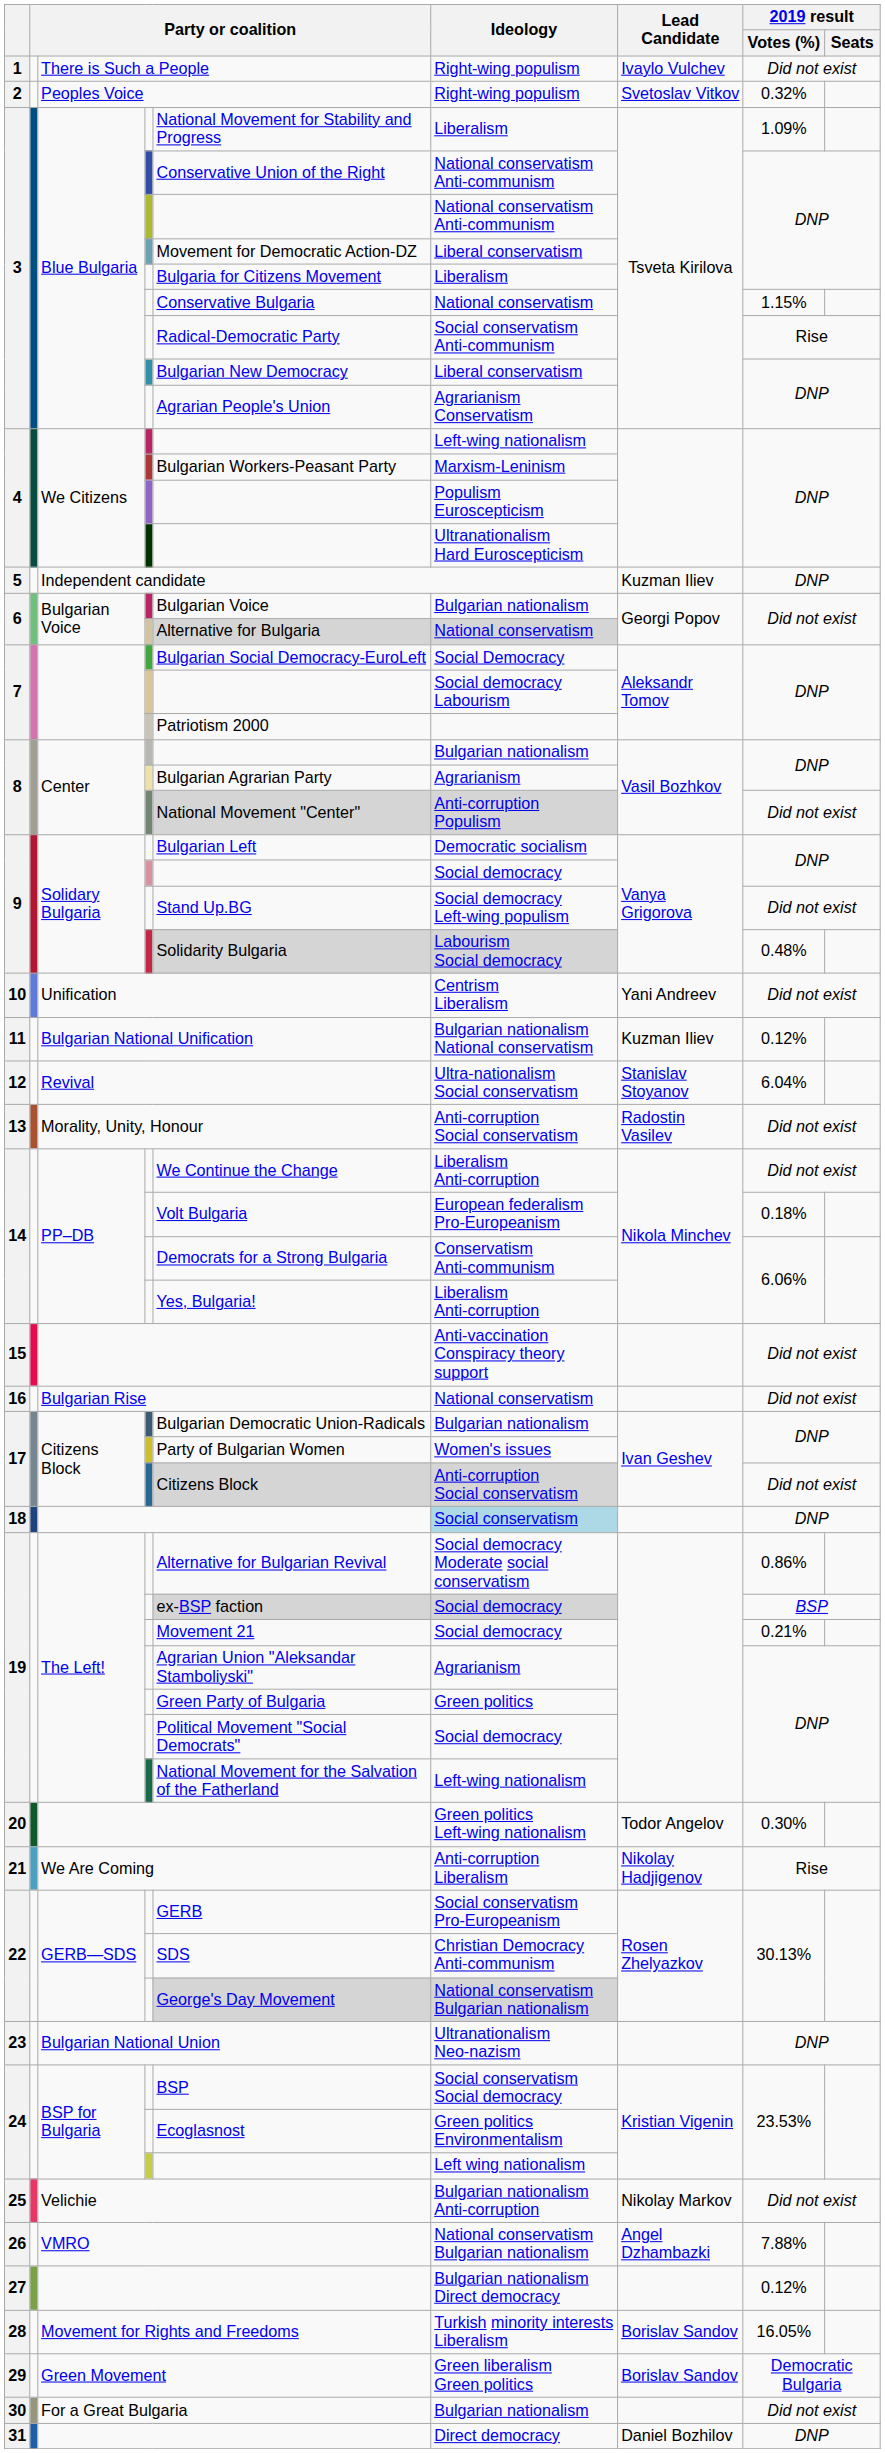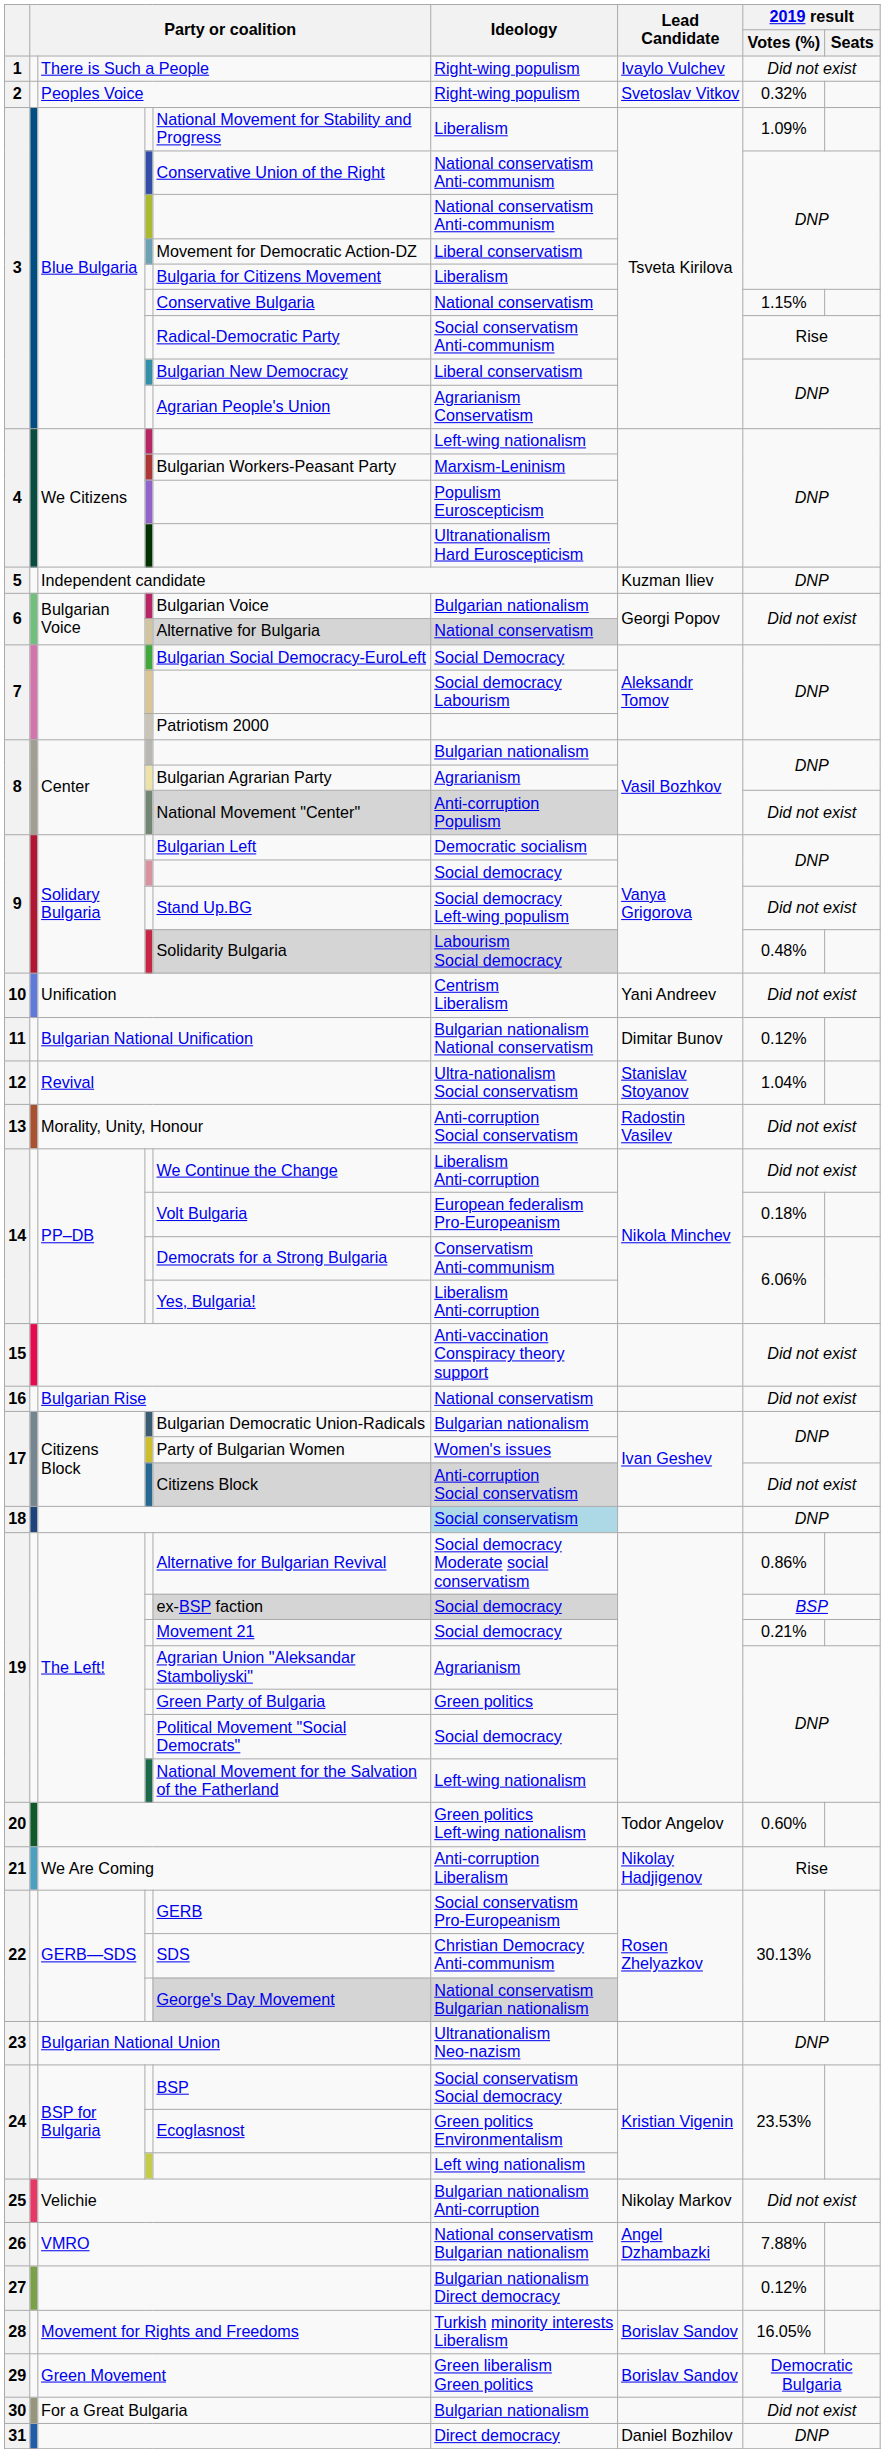 <table class="wikitable mw-collapsible mw-collapsed" style="text-align:left">
 <tr>
 <th rowspan="2"></th>
 <th colspan="4" rowspan="2">Party or coalition</th>
 <th rowspan="2">Ideology</th>
 <th rowspan="2">Lead Candidate</th>
 <th colspan="2"><a href='#'>2019</a> result</th>
 </tr>
 <tr>
 <th>Votes (%)</th>
 <th>Seats</th>
 </tr>
 <tr>
 <th>1</th>
 <td style="background:"></td>
 <td colspan="3"><a href='#'>There is Such a People</a></td>
 <td><a href='#'>Right-wing populism</a></td>
 <td><a href='#'>Ivaylo Vulchev</a></td>
 <td style="text-align:center" colspan=2><em>Did not exist</em></td>
 </tr>
 <tr>
 <th>2</th>
 <td style="background:"></td>
 <td colspan="3"><a href='#'>Peoples Voice</a></td>
 <td><a href='#'>Right-wing populism</a></td>
 <td><a href='#'>Svetoslav Vitkov</a></td>
 <td style="text-align:center">0.32%</td>
 <td></td>
 </tr>
 <tr>
 <th rowspan="9">3</th>
 <td rowspan="9" style="background:#004E82"></td>
 <td rowspan="9"><a href='#'>Blue Bulgaria</a></td>
 <td style="background:"></td>
 <td><a href='#'>National Movement for Stability and Progress</a></td>
 <td><a href='#'>Liberalism</a></td>
 <td rowspan=9 style="text-align:center">Tsveta Kirilova</td>
 <td style="text-align:center">1.09%</td>
 <td></td>
 </tr>
 <tr>
 <td style="background:#324ea8"></td>
 <td><a href='#'>Conservative Union of the Right</a></td>
 <td><a href='#'>National conservatism</a><br><a href='#'>Anti-communism</a></td>
 <td colspan="2" rowspan=4 style="text-align:center"><em>DNP</em></td>
 </tr>
 <tr>
 <td style="background:#acba2f"></td>
 <td></td>
 <td><a href='#'>National conservatism</a><br><a href='#'>Anti-communism</a></td>
 </tr>
 <tr>
 <td style="background:#6ba2b3"></td>
 <td>Movement for Democratic Action-DZ</td>
 <td><a href='#'>Liberal conservatism</a></td>
 </tr>
 <tr>
 <td style="background:"></td>
 <td><a href='#'>Bulgaria for Citizens Movement</a></td>
 <td><a href='#'>Liberalism</a></td>
 </tr>
 <tr>
 <td style="background:"></td>
 <td><a href='#'>Conservative Bulgaria</a></td>
 <td><a href='#'>National conservatism</a></td>
 <td style="text-align:center">1.15%</td>
 <td></td>
 </tr>
 <tr>
 <td style="background:"></td>
 <td><a href='#'>Radical-Democratic Party</a></td>
 <td><a href='#'>Social conservatism</a><br><a href='#'>Anti-communism</a></td>
 <td style="text-align:center" colspan=2>Rise</td>
 </tr>
 <tr>
 <td style="background:#3291a8"></td>
 <td><a href='#'>Bulgarian New Democracy</a></td>
 <td><a href='#'>Liberal conservatism</a></td>
 <td colspan="2" rowspan=2 style="text-align:center"><em>DNP</em></td>
 </tr>
 <tr>
 <td style="background:"></td>
 <td><a href='#'>Agrarian People's Union</a></td>
 <td><a href='#'>Agrarianism</a><br><a href='#'>Conservatism</a></td>
 </tr>
 <tr>
 <th rowspan="4">4</th>
 <td rowspan="4" style="background:#094D40"></td>
 <td rowspan="4">We Citizens</td>
 <td style="background:#ba2566"></td>
 <td></td>
 <td><a href='#'>Left-wing nationalism</a></td>
 <td rowspan=4></td>
 <td colspan="2" style="text-align:center" rowspan=4><em>DNP</em></td>
 </tr>
 <tr>
 <td style="background:#ad3636"></td>
 <td>Bulgarian Workers-Peasant Party</td>
 <td><a href='#'>Marxism-Leninism</a></td>
 </tr>
 <tr>
 <td style="background:#9164C9"></td>
 <td></td>
 <td><a href='#'>Populism</a><br> <a href='#'>Euroscepticism</a></td>
 </tr>
 <tr>
 <td style="background:#003300"></td>
 <td></td>
 <td><a href='#'>Ultranationalism</a><br><a href='#'>Hard Euroscepticism</a></td>
 </tr>
 <tr>
 <th>5</th>
 <td></td>
 <td colspan="4">Independent candidate</td>
 <td>Kuzman Iliev</td>
 <td style="text-align:center" colspan=2><em>DNP</em></td>
 </tr>
 <tr>
 <th rowspan="2">6</th>
 <td rowspan="2" style="background:#71bf7d"></td>
 <td rowspan="2">Bulgarian Voice</td>
 <td style="background:#ba2566"></td>
 <td>Bulgarian Voice</td>
 <td><a href='#'>Bulgarian nationalism</a></td>
 <td rowspan="2">Georgi Popov</td>
 <td colspan="2" rowspan="2" style="text-align:center"><em>Did not exist</em></td>
 </tr>
 <tr>
 <td style="background:#d1c49f"></td>
 <td style="background:#D5D5D5">Alternative for Bulgaria</td>
 <td style="background:#D5D5D5"><a href='#'>National conservatism</a></td>
 </tr>
 <tr>
 <th rowspan="3">7</th>
 <td rowspan="3" style="background:#d175ac"></td>
 <td rowspan="3"></td>
 <td style="background:#41A83D"></td>
 <td><a href='#'>Bulgarian Social Democracy-EuroLeft</a></td>
 <td><a href='#'>Social Democracy</a></td>
 <td rowspan=3><a href='#'>Aleksandr Tomov</a></td>
 <td colspan="2" rowspan=3 style="text-align:center"><em>DNP</em></td>
 </tr>
 <tr>
 <td style="background:#d9c596"></td>
 <td></td>
 <td><a href='#'>Social democracy</a><br><a href='#'>Labourism</a></td>
 </tr>
 <tr>
 <td style="background:#c9c4b7"></td>
 <td>Patriotism 2000</td>
 <td></td>
 </tr>
 <tr>
 <th rowspan="3">8</th>
 <td rowspan="3" style="background:#a19f94"></td>
 <td rowspan="3">Center</td>
 <td style="background:#b8b7b2"></td>
 <td></td>
 <td><a href='#'>Bulgarian nationalism</a></td>
 <td rowspan=3><a href='#'>Vasil Bozhkov</a></td>
 <td colspan="2" rowspan="2" style="text-align:center"><em>DNP</em></td>
 </tr>
 <tr>
 <td style="background:#ede3a8"></td>
 <td>Bulgarian Agrarian Party</td>
 <td><a href='#'>Agrarianism</a></td>
 </tr>
 <tr>
 <td style="background:#738573"></td>
 <td style="background:#D5D5D5">National Movement "Center"</td>
 <td style="background:#D5D5D5"><a href='#'>Anti-corruption</a><br><a href='#'>Populism</a></td>
 <td colspan="2" style="text-align:center"><em>Did not exist</em></td>
 </tr>
 <tr>
 <th rowspan="4">9</th>
 <td rowspan="4" style="background:#b01733"></td>
 <td rowspan="4"><a href='#'>Solidary Bulgaria</a></td>
 <td style="background:"></td>
 <td><a href='#'>Bulgarian Left</a></td>
 <td><a href='#'>Democratic socialism</a></td>
 <td rowspan=4><a href='#'>Vanya Grigorova</a></td>
 <td style="text-align:center" colspan=2 rowspan=2><em>DNP</em></td>
 </tr>
 <tr>
 <td style="background:#d993a0"></td>
 <td></td>
 <td><a href='#'>Social democracy</a></td>
 </tr>
 <tr>
 <td style="background:"></td>
 <td><a href='#'>Stand Up.BG</a></td>
 <td><a href='#'>Social democracy</a><br><a href='#'>Left-wing populism</a></td>
 <td style="text-align:center" colspan=2><em>Did not exist</em></td>
 </tr>
 <tr>
 <td style="background:#c72644"></td>
 <td style="background:#D5D5D5">Solidarity Bulgaria</td>
 <td style="background:#D5D5D5"><a href='#'>Labourism</a><br><a href='#'>Social democracy</a></td>
 <td style="text-align:center">0.48%</td>
 <td></td>
 </tr>
 <tr>
 <th>10</th>
 <td style="background:#5f7ad9"></td>
 <td colspan="3">Unification</td>
 <td><a href='#'>Centrism</a><br><a href='#'>Liberalism</a></td>
 <td>Yani Andreev</td>
 <td colspan="2" style="text-align:center"><em>Did not exist</em></td>
 </tr>
 <tr>
 <th>11</th>
 <td style="background:"></td>
 <td colspan="3"><a href='#'>Bulgarian National Unification</a></td>
 <td><a href='#'>Bulgarian nationalism</a><br><a href='#'>National conservatism</a></td>
-<td>Kuzman Iliev</td>
+<td>Dimitar Bunov</td>
 <td style="text-align:center">0.12%</td>
 <td></td>
 </tr>
 <tr>
 <th>12</th>
 <td style="background:"></td>
 <td colspan="3"><a href='#'>Revival</a></td>
 <td><a href='#'>Ultra-nationalism</a><br><a href='#'>Social conservatism</a></td>
 <td><a href='#'>Stanislav Stoyanov</a></td>
-<td style="text-align:center">6.04%</td>
+<td style="text-align:center">1.04%</td>
 <td></td>
 </tr>
 <tr>
 <th>13</th>
 <td style="background:#a85232"></td>
 <td colspan="3">Morality, Unity, Honour</td>
 <td><a href='#'>Anti-corruption</a><br><a href='#'>Social conservatism</a></td>
 <td><a href='#'>Radostin Vasilev</a></td>
 <td colspan="2" style="text-align:center"><em>Did not exist</em></td>
 </tr>
 <tr>
 <th rowspan="4">14</th>
 <td rowspan="4" style="background:"></td>
 <td rowspan="4"><a href='#'>PP–DB</a></td>
 <td style="background:"></td>
 <td><a href='#'>We Continue the Change</a></td>
 <td><a href='#'>Liberalism</a><br><a href='#'>Anti-corruption</a></td>
 <td rowspan=4><a href='#'>Nikola Minchev</a></td>
 <td colspan="2" style="text-align:center"><em>Did not exist</em></td>
 </tr>
 <tr>
 <td style="background:"></td>
 <td><a href='#'>Volt Bulgaria</a></td>
 <td><a href='#'>European federalism</a><br><a href='#'>Pro-Europeanism</a></td>
 <td style="text-align:center">0.18%</td>
 <td></td>
 </tr>
 <tr>
 <td style="background:"></td>
 <td><a href='#'>Democrats for a Strong Bulgaria</a></td>
 <td><a href='#'>Conservatism</a><br><a href='#'>Anti-communism</a></td>
 <td rowspan=2 style="text-align:center">6.06%</td>
 <td rowspan=2></td>
 </tr>
 <tr>
 <td style="background:"></td>
 <td><a href='#'>Yes, Bulgaria!</a></td>
 <td><a href='#'>Liberalism</a><br><a href='#'>Anti-corruption</a></td>
 </tr>
 <tr>
 <th>15</th>
 <td style="background:#E60B4F"></td>
 <td colspan="3"></td>
 <td><a href='#'>Anti-vaccination</a><br><a href='#'>Conspiracy theory support</a></td>
 <td></td>
 <td colspan="2" style="text-align:center"><em>Did not exist</em></td>
 </tr>
 <tr>
 <th>16</th>
 <td style="background:"></td>
 <td colspan="3"><a href='#'>Bulgarian Rise</a></td>
 <td><a href='#'>National conservatism</a></td>
 <td></td>
 <td colspan="2" style="text-align:center"><em>Did not exist</em></td>
 </tr>
 <tr>
 <th rowspan="3">17</th>
 <td rowspan="3" style="background:#768691"></td>
 <td rowspan="3">Citizens Block</td>
 <td style="background:#3b5d73"></td>
 <td>Bulgarian Democratic Union-Radicals</td>
 <td><a href='#'>Bulgarian nationalism</a></td>
 <td rowspan=3><a href='#'>Ivan Geshev</a></td>
 <td style="text-align:center" colspan=2 rowspan=2><em>DNP</em></td>
 </tr>
 <tr>
 <td style="background:#ccbf2b"></td>
 <td>Party of Bulgarian Women</td>
 <td><a href='#'>Women's issues</a></td>
 </tr>
 <tr>
 <td style="background:#266a94"></td>
 <td style="background:#D5D5D5">Citizens Block</td>
 <td style="background:#D5D5D5"><a href='#'>Anti-corruption</a><br><a href='#'>Social conservatism</a></td>
 <td colspan="2" style="text-align:center"><em>Did not exist</em></td>
 </tr>
 <tr>
 <th>18</th>
 <td style="background:#1e447d"></td>
 <td colspan="3"></td>
 <td style="background: lightblue;"><a href='#'>Social conservatism</a></td>
 <td></td>
 <td style="text-align:center" colspan=2><em>DNP</em></td>
 </tr>
 <tr>
 <th rowspan="7">19</th>
 <td rowspan="7" style="background:"></td>
 <td rowspan="7"><a href='#'>The Left!</a></td>
 <td style="background:"></td>
 <td><a href='#'>Alternative for Bulgarian Revival</a></td>
 <td><a href='#'>Social democracy</a><br> <a href='#'>Moderate</a> <a href='#'>social conservatism</a></td>
 <td rowspan=7></td>
 <td style="text-align:center">0.86%</td>
 <td></td>
 </tr>
 <tr>
 <td style="background:"></td>
 <td style="background:#D5D5D5">ex-<a href='#'>BSP</a> faction</td>
 <td style="background:#D5D5D5"><a href='#'>Social democracy</a></td>
 <td colspan="2" style="text-align:center"><em><a href='#'>BSP</a></em></td>
 </tr>
 <tr>
 <td style="background:"></td>
 <td><a href='#'>Movement 21</a></td>
 <td><a href='#'>Social democracy</a></td>
 <td style="text-align:center">0.21%</td>
 <td></td>
 </tr>
 <tr>
 <td style="background:"></td>
 <td><a href='#'>Agrarian Union "Aleksandar Stamboliyski"</a></td>
 <td><a href='#'>Agrarianism</a></td>
 <td colspan="2" rowspan=4 style="text-align:center"><em>DNP</em></td>
 </tr>
 <tr>
 <td style="background:"></td>
 <td><a href='#'>Green Party of Bulgaria</a></td>
 <td><a href='#'>Green politics</a></td>
 </tr>
 <tr>
 <td style="background:"></td>
 <td><a href='#'>Political Movement "Social Democrats"</a></td>
 <td><a href='#'>Social democracy</a></td>
 </tr>
 <tr>
 <td style="background:#1a694a"></td>
 <td><a href='#'>National Movement for the Salvation of the Fatherland</a></td>
 <td><a href='#'>Left-wing nationalism</a></td>
 </tr>
 <tr>
 <th>20</th>
 <td style="background:#0f592a"></td>
 <td colspan="3"></td>
 <td><a href='#'>Green politics</a><br><a href='#'>Left-wing nationalism</a></td>
 <td>Todor Angelov</td>
-<td style="text-align:center">0.30%</td>
+<td style="text-align:center">0.60%</td>
 <td></td>
 </tr>
 <tr>
 <th>21</th>
 <td style="background:#4ba0bf"></td>
 <td colspan="3">We Are Coming</td>
 <td><a href='#'>Anti-corruption</a><br><a href='#'>Liberalism</a></td>
 <td><a href='#'>Nikolay Hadjigenov</a></td>
 <td style="text-align:center" colspan=2>Rise</td>
 </tr>
 <tr>
 <th rowspan="3">22</th>
 <td rowspan="3" style="background:"></td>
 <td rowspan="3"><a href='#'>GERB—SDS</a></td>
 <td style="background:"></td>
 <td><a href='#'>GERB</a></td>
 <td><a href='#'>Social conservatism</a><br><a href='#'>Pro-Europeanism</a></td>
 <td rowspan=3><a href='#'>Rosen Zhelyazkov</a></td>
 <td style="text-align:center" rowspan=3>30.13%</td>
 <td rowspan=3></td>
 </tr>
 <tr>
 <td style="background:"></td>
 <td><a href='#'>SDS</a></td>
 <td><a href='#'>Christian Democracy</a><br><a href='#'>Anti-communism</a></td>
 </tr>
 <tr>
 <td style="background:"></td>
 <td style="background:#D5D5D5"><a href='#'>George's Day Movement</a></td>
 <td style="background:#D5D5D5"><a href='#'>National conservatism</a><br><a href='#'>Bulgarian nationalism</a></td>
 </tr>
 <tr>
 <th>23</th>
 <td style="background:"></td>
 <td colspan="3"><a href='#'>Bulgarian National Union</a></td>
 <td><a href='#'>Ultranationalism</a><br><a href='#'>Neo-nazism</a></td>
 <td></td>
 <td style="text-align:center" colspan=2><em>DNP</em></td>
 </tr>
 <tr>
 <th rowspan="3">24</th>
 <td rowspan="3" style="background:"></td>
 <td rowspan="3"><a href='#'>BSP for Bulgaria</a></td>
 <td style="background:"></td>
 <td><a href='#'>BSP</a></td>
 <td><a href='#'>Social conservatism</a><br><a href='#'>Social democracy</a></td>
 <td rowspan=3><a href='#'>Kristian Vigenin</a></td>
 <td style="text-align:center" rowspan=3>23.53%</td>
 <td rowspan=3></td>
 </tr>
 <tr>
 <td style="background:"></td>
 <td><a href='#'>Ecoglasnost</a></td>
 <td><a href='#'>Green politics</a><br><a href='#'>Environmentalism</a></td>
 </tr>
 <tr>
 <td style="background:#c5cc45"></td>
 <td></td>
 <td><a href='#'>Left wing nationalism</a></td>
 </tr>
 <tr>
 <th>25</th>
 <td style="background:#e63766"></td>
 <td colspan="3">Velichie</td>
 <td><a href='#'>Bulgarian nationalism</a><br><a href='#'>Anti-corruption</a></td>
 <td>Nikolay Markov</td>
 <td style="text-align:center" colspan=2><em>Did not exist</em></td>
 </tr>
 <tr>
 <th>26</th>
 <td style="background:"></td>
 <td colspan="3"><a href='#'>VMRO</a></td>
 <td><a href='#'>National conservatism</a><br><a href='#'>Bulgarian nationalism</a></td>
 <td><a href='#'>Angel Dzhambazki</a></td>
 <td style="text-align:center">7.88%</td>
 <td></td>
 </tr>
 <tr>
 <th>27</th>
 <td style="background:#7aa148"></td>
 <td colspan="3"></td>
 <td><a href='#'>Bulgarian nationalism</a><br><a href='#'>Direct democracy</a></td>
 <td></td>
 <td style="text-align:center">0.12%</td>
 <td></td>
 </tr>
 <tr>
 <th>28</th>
 <td style="background:"></td>
 <td colspan="3"><a href='#'>Movement for Rights and Freedoms</a></td>
 <td><a href='#'>Turkish</a> <a href='#'>minority interests</a><br><a href='#'>Liberalism</a></td>
 <td><a href='#'>Borislav Sandov</a></td>
 <td style="text-align:center">16.05%</td>
 <td></td>
 </tr>
 <tr>
 <th>29</th>
 <td style="background:"></td>
 <td colspan="3"><a href='#'>Green Movement</a></td>
 <td><a href='#'>Green liberalism</a><br><a href='#'>Green politics</a></td>
 <td><a href='#'>Borislav Sandov</a></td>
 <td style="text-align:center" colspan=2><a href='#'>Democratic Bulgaria</a></td>
 </tr>
 <tr>
 <th>30</th>
 <td style="background:#95967b"></td>
 <td colspan="3">For a Great Bulgaria</td>
 <td><a href='#'>Bulgarian nationalism</a></td>
 <td></td>
 <td style="text-align:center" colspan=2><em>Did not exist</em></td>
 </tr>
 <tr>
 <th>31</th>
 <td style="background:#1F5DA6"></td>
 <td colspan="3"></td>
 <td><a href='#'>Direct democracy</a></td>
 <td>Daniel Bozhilov</td>
 <td style="text-align:center" colspan=2><em>DNP</em></td>
 </tr>
 </table>
